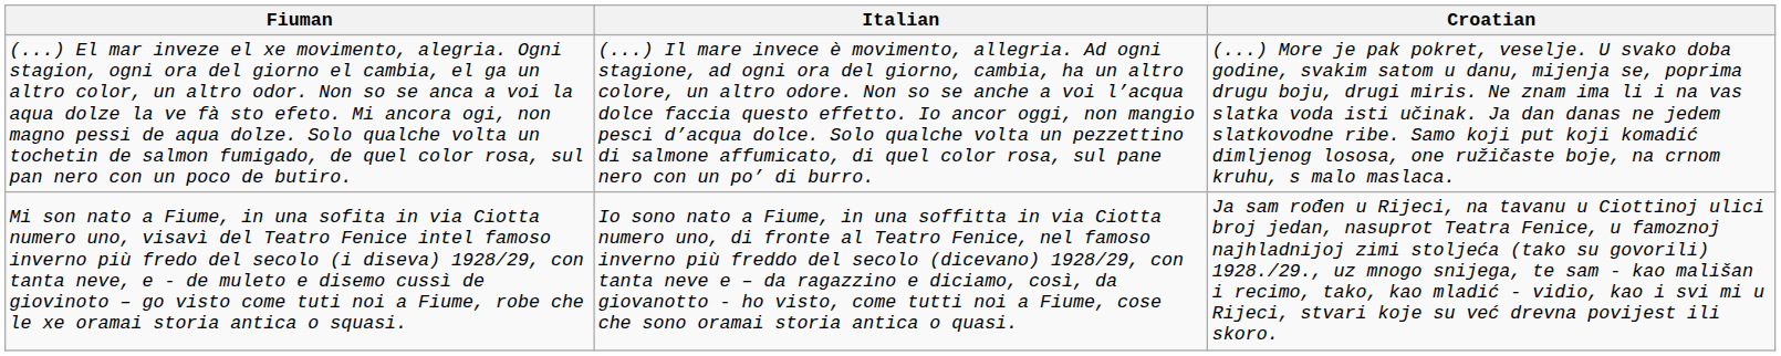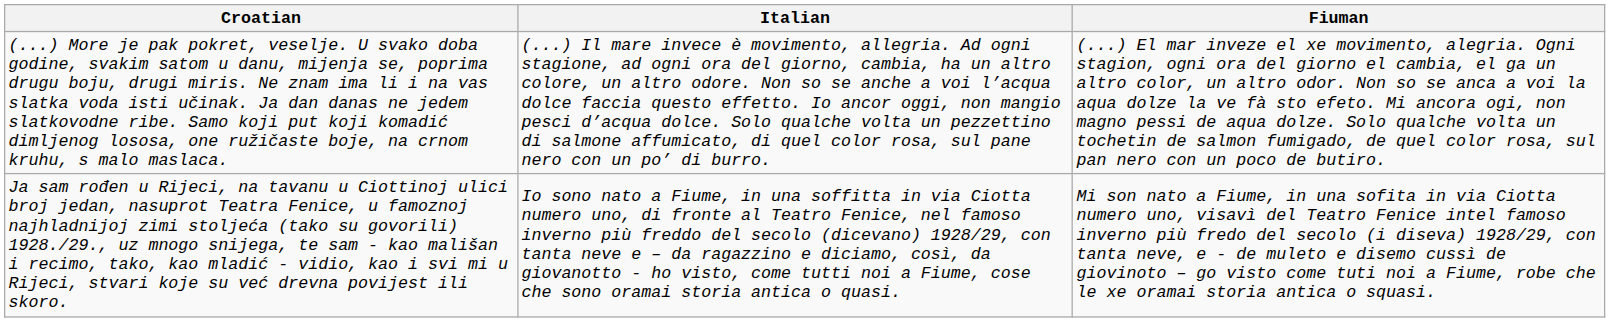 <table class="wikitable">
 <tr>
+<th>Croatian</th>
+<th>Italian</th>
 <th>Fiuman</th>
-<th>Italian</th>
-<th>Croatian</th>
 </tr>
 <tr>
+<td><em>(...) More je pak pokret, veselje. U svako doba godine, svakim satom u danu, mijenja se, poprima drugu boju, drugi miris. Ne znam ima li i na vas slatka voda isti učinak. Ja dan danas ne jedem slatkovodne ribe. Samo koji put koji komadić dimljenog lososa, one ružičaste boje, na crnom kruhu, s malo maslaca.</em></td>
+<td><em>(...) Il mare invece è movimento, allegria. Ad ogni stagione, ad ogni ora del giorno, cambia, ha un altro colore, un altro odore. Non so se anche a voi l’acqua dolce faccia questo effetto. Io ancor oggi, non mangio pesci d’acqua dolce. Solo qualche volta un pezzettino di salmone affumicato, di quel color rosa, sul pane nero con un po’ di burro.</em></td>
 <td><em>(...) El mar inveze el xe movimento, alegria. Ogni stagion, ogni ora del giorno el cambia, el ga un altro color, un altro odor. Non so se anca a voi la aqua dolze la ve fà sto efeto. Mi ancora ogi, non magno pessi de aqua dolze. Solo qualche volta un tochetin de salmon fumigado, de quel color rosa, sul pan nero con un poco de butiro.</em></td>
-<td><em>(...) Il mare invece è movimento, allegria. Ad ogni stagione, ad ogni ora del giorno, cambia, ha un altro colore, un altro odore. Non so se anche a voi l’acqua dolce faccia questo effetto. Io ancor oggi, non mangio pesci d’acqua dolce. Solo qualche volta un pezzettino di salmone affumicato, di quel color rosa, sul pane nero con un po’ di burro.</em></td>
-<td><em>(...) More je pak pokret, veselje. U svako doba godine, svakim satom u danu, mijenja se, poprima drugu boju, drugi miris. Ne znam ima li i na vas slatka voda isti učinak. Ja dan danas ne jedem slatkovodne ribe. Samo koji put koji komadić dimljenog lososa, one ružičaste boje, na crnom kruhu, s malo maslaca.</em></td>
 </tr>
 <tr>
+<td><em>Ja sam rođen u Rijeci, na tavanu u Ciottinoj ulici broj jedan, nasuprot Teatra Fenice, u famoznoj najhladnijoj zimi stoljeća (tako su govorili) 1928./29., uz mnogo snijega, te sam - kao mališan i recimo, tako, kao mladić - vidio, kao i svi mi u Rijeci, stvari koje su već drevna povijest ili skoro.</em></td>
+<td><em>Io sono nato a Fiume, in una soffitta in via Ciotta numero uno, di fronte al Teatro Fenice, nel famoso inverno più freddo del secolo (dicevano) 1928/29, con tanta neve e – da ragazzino e diciamo, così, da giovanotto - ho visto, come tutti noi a Fiume, cose che sono oramai storia antica o quasi.</em></td>
 <td><em>Mi son nato a Fiume, in una sofita in via Ciotta numero uno, visavì del Teatro Fenice intel famoso inverno più fredo del secolo (i diseva) 1928/29, con tanta neve, e - de muleto e disemo cussì de giovinoto – go visto come tuti noi a Fiume, robe che le xe oramai storia antica o squasi.</em></td>
-<td><em>Io sono nato a Fiume, in una soffitta in via Ciotta numero uno, di fronte al Teatro Fenice, nel famoso inverno più freddo del secolo (dicevano) 1928/29, con tanta neve e – da ragazzino e diciamo, così, da giovanotto - ho visto, come tutti noi a Fiume, cose che sono oramai storia antica o quasi.</em></td>
-<td><em>Ja sam rođen u Rijeci, na tavanu u Ciottinoj ulici broj jedan, nasuprot Teatra Fenice, u famoznoj najhladnijoj zimi stoljeća (tako su govorili) 1928./29., uz mnogo snijega, te sam - kao mališan i recimo, tako, kao mladić - vidio, kao i svi mi u Rijeci, stvari koje su već drevna povijest ili skoro.</em></td>
 </tr>
 </table>
